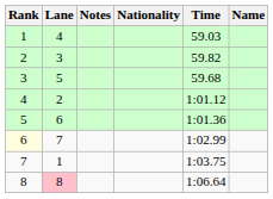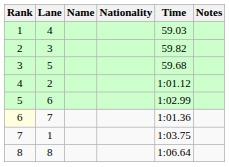 <table class="wikitable sortable" style="text-align:center">
 <tr>
 <th>Rank</th>
 <th>Lane</th>
-<th>Notes</th>
+<th>Name</th>
 <th>Nationality</th>
 <th>Time</th>
-<th>Name</th>
+<th>Notes</th>
 </tr>
 <tr bgcolor=ccffcc>
 <td>1</td>
 <td>4</td>
-<td><strong></strong></td>
+<td align=left></td>
 <td align=left></td>
 <td>59.03</td>
-<td align=left></td>
+<td><strong></strong></td>
 </tr>
 <tr bgcolor=ccffcc>
 <td>2</td>
 <td>3</td>
-<td><strong></strong></td>
+<td align=left></td>
 <td align=left></td>
 <td>59.82</td>
-<td align=left></td>
+<td><strong></strong></td>
 </tr>
 <tr bgcolor=ccffcc>
 <td>3</td>
 <td>5</td>
-<td><strong></strong></td>
+<td align=left></td>
 <td align=left></td>
 <td>59.68</td>
-<td align=left></td>
+<td><strong></strong></td>
 </tr>
 <tr bgcolor=ccffcc>
 <td>4</td>
 <td>2</td>
-<td><strong></strong></td>
+<td align=left></td>
 <td align=left></td>
 <td>1:01.12</td>
-<td align=left></td>
+<td><strong></strong></td>
 </tr>
 <tr bgcolor=ccffcc>
 <td>5</td>
 <td>6</td>
+<td align=left></td>
+<td align=left></td>
+<td>1:02.99</td>
 <td><strong></strong></td>
-<td align=left></td>
-<td>1:01.36</td>
-<td align=left></td>
 </tr>
 <tr>
 <td style="background: lightyellow;">6</td>
 <td>7</td>
+<td align=left></td>
+<td align=left></td>
+<td>1:01.36</td>
 <td></td>
-<td align=left></td>
-<td>1:02.99</td>
-<td align=left></td>
 </tr>
 <tr>
 <td>7</td>
 <td>1</td>
-<td></td>
+<td align=left></td>
 <td align=left></td>
 <td>1:03.75</td>
-<td align=left></td>
+<td></td>
 </tr>
 <tr>
 <td>8</td>
-<td style="background: pink;">8</td>
-<td></td>
+<td>8</td>
+<td align=left></td>
 <td align=left></td>
 <td>1:06.64</td>
-<td align=left></td>
+<td></td>
 </tr>
 </table>
